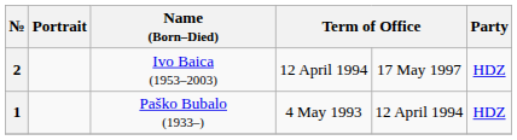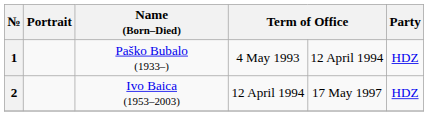 <table class="wikitable" style="text-align:center">
 <tr ->
 <th>№</th>
 <th>Portrait</th>
 <th width=180>Name<br><small>(Born–Died)</small></th>
 <th colspan=2>Term of Office</th>
 <th>Party</th>
+</tr>
+<tr ->
+<th style="background:">1</th>
+<td></td>
+<td><a href='#'>Paško Bubalo</a><br><small>(1933–)</small></td>
+<td>4 May 1993</td>
+<td>12 April 1994</td>
+<td><a href='#'>HDZ</a></td>
 </tr>
 <tr ->
 <th style="background:">2</th>
 <td></td>
 <td><a href='#'>Ivo Baica</a><br><small>(1953–2003)</small></td>
 <td>12 April 1994</td>
 <td>17 May 1997</td>
 <td><a href='#'>HDZ</a></td>
 </tr>
 <tr ->
-<th style="background:">1</th>
-<td></td>
-<td><a href='#'>Paško Bubalo</a><br><small>(1933–)</small></td>
-<td>4 May 1993</td>
-<td>12 April 1994</td>
-<td><a href='#'>HDZ</a></td>
-</tr>
-<tr ->
 </tr>
 </table>
